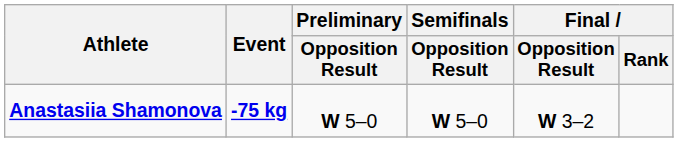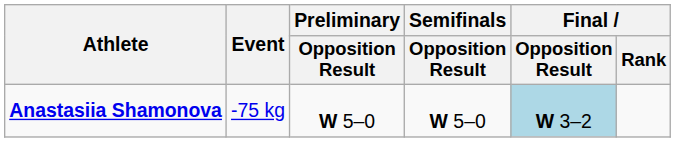 <table class="wikitable" style="text-align:center;font-size:90%">
 <tr>
 <th rowspan=2>Athlete</th>
 <th rowspan=2>Event</th>
 <th>Preliminary</th>
 <th>Semifinals</th>
 <th colspan=2>Final / </th>
 </tr>
 <tr style="font-size:95%">
 <th>Opposition<br>Result</th>
 <th>Opposition<br>Result</th>
 <th>Opposition<br>Result</th>
 <th>Rank</th>
 </tr>
 <tr>
 <td align=left><strong><a href='#'>Anastasiia Shamonova</a></strong></td>
-<td align=left><strong><a href='#'>-75 kg</a></strong></td>
+<td align=left><a href='#'>-75 kg</a></td>
 <td><br><strong>W</strong> 5–0</td>
 <td><br><strong>W</strong> 5–0</td>
-<td><br><strong>W</strong> 3–2</td>
+<td style="background: lightblue;"><br><strong>W</strong> 3–2</td>
 <td></td>
 </tr>
 </table>
